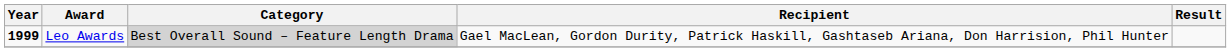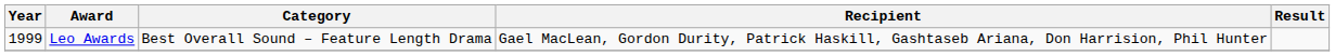 <table class="wikitable">
 <tr>
 <th>Year</th>
 <th>Award</th>
 <th>Category</th>
 <th>Recipient</th>
 <th>Result</th>
 </tr>
 <tr>
-<td><strong>1999</strong></td>
+<td>1999</td>
 <td><a href='#'>Leo Awards</a></td>
-<td style="background: lightgrey;">Best Overall Sound – Feature Length Drama</td>
+<td>Best Overall Sound – Feature Length Drama</td>
 <td>Gael MacLean, Gordon Durity, Patrick Haskill, Gashtaseb Ariana, Don Harrision, Phil Hunter</td>
 <td></td>
 </tr>
 <tr>
 </tr>
 </table>
